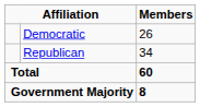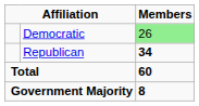 <table class="wikitable">
 <tr>
 <td colspan="2" rowspan="1" align="center" valign="top"><strong>Affiliation</strong></td>
 <td style="vertical-align:top;"><strong>Members</strong></td>
 </tr>
 <tr>
 <td style="background-color:"> </td>
 <td><a href='#'>Democratic</a></td>
-<td>26</td>
+<td style="background: lightgreen;">26</td>
 </tr>
 <tr>
 <td style="background-color:"> </td>
 <td><a href='#'>Republican</a></td>
-<td>34</td>
+<td><strong>34</strong></td>
 </tr>
 <tr>
 <td colspan="2" rowspan="1"> <strong>Total</strong></td>
 <td><strong>60</strong></td>
 </tr>
 <tr>
 <td colspan="2" rowspan="1"> <strong>Government Majority</strong></td>
 <td><strong>8</strong></td>
 </tr>
 </table>
